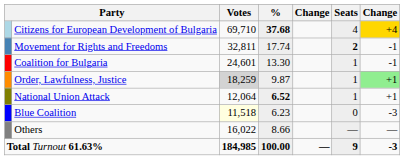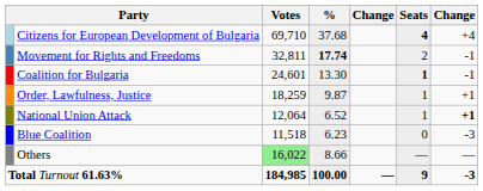 <table class="wikitable" border="1">
 <tr style="background-color:#C9C9C9">
 <th align=left colspan=2 valign=top>Party</th>
 <th align=right>Votes</th>
 <th align=right>%</th>
 <th align=right>Change</th>
 <th align=right>Seats</th>
 <th align=right>Change</th>
 </tr>
 <tr>
 <td bgcolor="lightblue"> </td>
 <td align=left><a href='#'>Citizens for European Development of Bulgaria</a></td>
 <td align=right>69,710</td>
-<td align=right style="background-color:#EEEEEE"><strong>37.68</strong></td>
+<td align=right style="background-color:#EEEEEE">37.68</td>
 <td align=right></td>
-<td align=right style="background-color:#EEEEEE">4</td>
-<td align=right style="background: gold;">+4</td>
+<td align=right style="background-color:#EEEEEE"><strong>4</strong></td>
+<td align=right>+4</td>
 </tr>
 <tr>
 <td bgcolor="#4682B4"> </td>
 <td align=left><a href='#'>Movement for Rights and Freedoms</a></td>
 <td align=right>32,811</td>
-<td align=right style="background-color:#EEEEEE">17.74</td>
+<td align=right style="background-color:#EEEEEE"><strong>17.74</strong></td>
 <td align=right></td>
-<td align=right style="background-color:#EEEEEE"><strong>2</strong></td>
+<td align=right style="background-color:#EEEEEE">2</td>
 <td align=right>-1</td>
 </tr>
 <tr>
 <td bgcolor="red"> </td>
 <td align=left><a href='#'>Coalition for Bulgaria</a></td>
 <td align=right>24,601</td>
 <td align=right style="background-color:#EEEEEE">13.30</td>
 <td align=right></td>
-<td align=right style="background-color:#EEEEEE">1</td>
+<td align=right style="background-color:#EEEEEE"><strong>1</strong></td>
 <td align=right>-1</td>
 </tr>
 <tr>
 <td bgcolor="darkorange"> </td>
 <td align=left><a href='#'>Order, Lawfulness, Justice</a></td>
-<td align=right style="background: lightgrey;">18,259</td>
+<td align=right>18,259</td>
 <td align=right style="background-color:#EEEEEE">9.87</td>
 <td align=right></td>
 <td align=right style="background-color:#EEEEEE">1</td>
-<td align=right style="background: lightgreen;">+1</td>
+<td align=right>+1</td>
 </tr>
 <tr>
 <td bgcolor="#808000"> </td>
 <td align=left><a href='#'>National Union Attack</a></td>
 <td align=right>12,064</td>
-<td align=right style="background-color:#EEEEEE"><strong>6.52</strong></td>
+<td align=right style="background-color:#EEEEEE">6.52</td>
 <td align=right></td>
 <td align=right style="background-color:#EEEEEE">1</td>
-<td align=right>+1</td>
+<td align=right><strong>+1</strong></td>
 </tr>
 <tr>
 <td bgcolor="blue"> </td>
 <td align=left><a href='#'>Blue Coalition</a></td>
-<td align=right style="background: lightyellow;">11,518</td>
+<td align=right>11,518</td>
 <td align=right style="background-color:#EEEEEE">6.23</td>
 <td align=right></td>
 <td align=right style="background-color:#EEEEEE">0</td>
 <td align=right>-3</td>
 </tr>
 <tr>
 <td bgcolor="grey"> </td>
 <td align=left>Others</td>
-<td align=right>16,022</td>
+<td align=right style="background: lightgreen;">16,022</td>
 <td align=right style="background-color:#EEEEEE">8.66</td>
 <td align=right></td>
 <td align=right style="background-color:#EEEEEE">—</td>
 <td align=right>—</td>
 </tr>
 <tr>
 <td align=left colspan=2><strong>Total</strong>      <em> Turnout</em> <strong>61.63%</strong></td>
 <td align=left><strong>184,985</strong></td>
 <td align=right style="background-color:#EEEEEE"><strong>100.00</strong></td>
 <td align=right><strong>—</strong></td>
 <td align=right style="background-color:#EEEEEE"><strong>9</strong></td>
 <td align=right><strong>-3</strong></td>
 </tr>
 </table>
